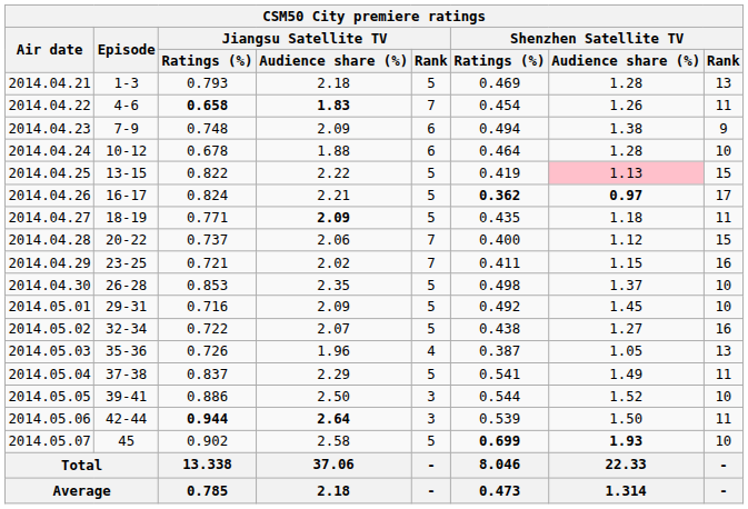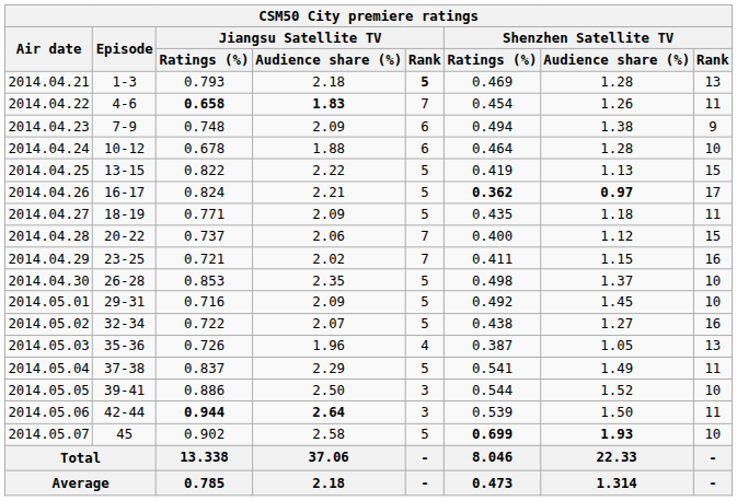 <table class="wikitable sortable mw-collapsible jquery-tablesorter" style="text-align:center">
 <tr>
 <th colspan="8">CSM50 City premiere ratings</th>
 </tr>
 <tr>
 <th rowspan="2">Air date</th>
 <th rowspan="2">Episode</th>
 <th colspan="3">Jiangsu Satellite TV</th>
 <th colspan="3">Shenzhen Satellite TV</th>
 </tr>
 <tr>
 <th>Ratings (%)</th>
 <th>Audience share (%)</th>
 <th>Rank</th>
 <th>Ratings (%)</th>
 <th>Audience share (%)</th>
 <th>Rank</th>
 </tr>
 <tr>
 <td>2014.04.21</td>
 <td>1-3</td>
 <td>0.793</td>
 <td>2.18</td>
-<td>5</td>
+<td><strong>5</strong></td>
 <td>0.469</td>
 <td>1.28</td>
 <td>13</td>
 </tr>
 <tr>
 <td>2014.04.22</td>
 <td>4-6</td>
 <td><strong><span>0.658</span></strong></td>
 <td><strong><span>1.83</span></strong></td>
 <td>7</td>
 <td>0.454</td>
 <td>1.26</td>
 <td>11</td>
 </tr>
 <tr>
 <td>2014.04.23</td>
 <td>7-9</td>
 <td>0.748</td>
 <td>2.09</td>
 <td>6</td>
 <td>0.494</td>
 <td>1.38</td>
 <td>9</td>
 </tr>
 <tr>
 <td>2014.04.24</td>
 <td>10-12</td>
 <td>0.678</td>
 <td>1.88</td>
 <td>6</td>
 <td>0.464</td>
 <td>1.28</td>
 <td>10</td>
 </tr>
 <tr>
 <td>2014.04.25</td>
 <td>13-15</td>
 <td>0.822</td>
 <td>2.22</td>
 <td>5</td>
 <td>0.419</td>
-<td style="background: pink;">1.13</td>
+<td>1.13</td>
 <td>15</td>
 </tr>
 <tr>
 <td>2014.04.26</td>
 <td>16-17</td>
 <td>0.824</td>
 <td>2.21</td>
 <td>5</td>
 <td><strong><span>0.362</span></strong></td>
 <td><strong><span>0.97</span></strong></td>
 <td>17</td>
 </tr>
 <tr>
 <td>2014.04.27</td>
 <td>18-19</td>
 <td>0.771</td>
-<td><strong>2.09</strong></td>
+<td>2.09</td>
 <td>5</td>
 <td>0.435</td>
 <td>1.18</td>
 <td>11</td>
 </tr>
 <tr>
 <td>2014.04.28</td>
 <td>20-22</td>
 <td>0.737</td>
 <td>2.06</td>
 <td>7</td>
 <td>0.400</td>
 <td>1.12</td>
 <td>15</td>
 </tr>
 <tr>
 <td>2014.04.29</td>
 <td>23-25</td>
 <td>0.721</td>
 <td>2.02</td>
 <td>7</td>
 <td>0.411</td>
 <td>1.15</td>
 <td>16</td>
 </tr>
 <tr>
 <td>2014.04.30</td>
 <td>26-28</td>
 <td>0.853</td>
 <td>2.35</td>
 <td>5</td>
 <td>0.498</td>
 <td>1.37</td>
 <td>10</td>
 </tr>
 <tr>
 <td>2014.05.01</td>
 <td>29-31</td>
 <td>0.716</td>
 <td>2.09</td>
 <td>5</td>
 <td>0.492</td>
 <td>1.45</td>
 <td>10</td>
 </tr>
 <tr>
 <td>2014.05.02</td>
 <td>32-34</td>
 <td>0.722</td>
 <td>2.07</td>
 <td>5</td>
 <td>0.438</td>
 <td>1.27</td>
 <td>16</td>
 </tr>
 <tr>
 <td>2014.05.03</td>
 <td>35-36</td>
 <td>0.726</td>
 <td>1.96</td>
 <td>4</td>
 <td>0.387</td>
 <td>1.05</td>
 <td>13</td>
 </tr>
 <tr>
 <td>2014.05.04</td>
 <td>37-38</td>
 <td>0.837</td>
 <td>2.29</td>
 <td>5</td>
 <td>0.541</td>
 <td>1.49</td>
 <td>11</td>
 </tr>
 <tr>
 <td>2014.05.05</td>
 <td>39-41</td>
 <td>0.886</td>
 <td>2.50</td>
 <td>3</td>
 <td>0.544</td>
 <td>1.52</td>
 <td>10</td>
 </tr>
 <tr>
 <td>2014.05.06</td>
 <td>42-44</td>
 <td><strong><span>0.944</span></strong></td>
 <td><strong><span>2.64</span></strong></td>
 <td>3</td>
 <td>0.539</td>
 <td>1.50</td>
 <td>11</td>
 </tr>
 <tr>
 <td>2014.05.07</td>
 <td>45</td>
 <td>0.902</td>
 <td>2.58</td>
 <td>5</td>
 <td><strong><span>0.699</span></strong></td>
 <td><strong><span>1.93</span></strong></td>
 <td>10</td>
 </tr>
 <tr>
 <th colspan="2">Total</th>
 <th>13.338　</th>
 <th>37.06　</th>
 <th>-</th>
 <th>8.046　</th>
 <th>22.33　</th>
 <th>-</th>
 </tr>
 <tr>
 <th colspan="2">Average</th>
 <th>0.785　</th>
 <th>2.18</th>
 <th>-</th>
 <th>0.473</th>
 <th>1.314</th>
 <th>-</th>
 </tr>
 </table>
